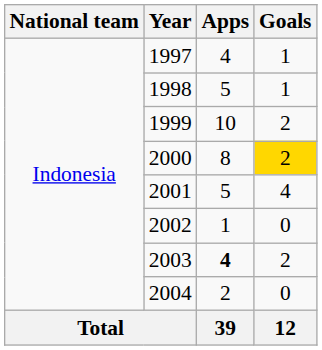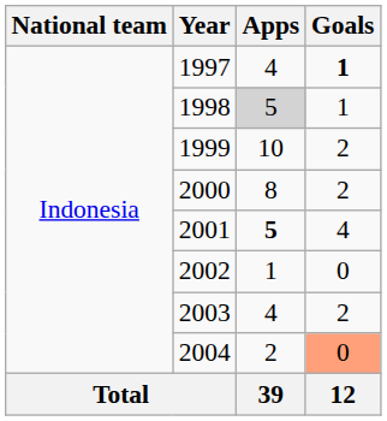 <table class="wikitable" style="text-align:center">
 <tr>
 <th>National team</th>
 <th>Year</th>
 <th>Apps</th>
 <th>Goals</th>
 </tr>
 <tr>
 <td rowspan="8"><a href='#'>Indonesia</a></td>
 <td>1997</td>
 <td>4</td>
-<td>1</td>
+<td><strong>1</strong></td>
 </tr>
 <tr>
 <td>1998</td>
-<td>5</td>
+<td style="background: lightgrey;">5</td>
 <td>1</td>
 </tr>
 <tr>
 <td>1999</td>
 <td>10</td>
 <td>2</td>
 </tr>
 <tr>
 <td>2000</td>
 <td>8</td>
-<td style="background: gold;">2</td>
+<td>2</td>
 </tr>
 <tr>
 <td>2001</td>
-<td>5</td>
+<td><strong>5</strong></td>
 <td>4</td>
 </tr>
 <tr>
 <td>2002</td>
 <td>1</td>
 <td>0</td>
 </tr>
 <tr>
 <td>2003</td>
-<td><strong>4</strong></td>
+<td>4</td>
 <td>2</td>
 </tr>
 <tr>
 <td>2004</td>
 <td>2</td>
-<td>0</td>
+<td style="background: lightsalmon;">0</td>
 </tr>
 <tr>
 <th colspan="2">Total</th>
 <th>39</th>
 <th>12</th>
 </tr>
 </table>
